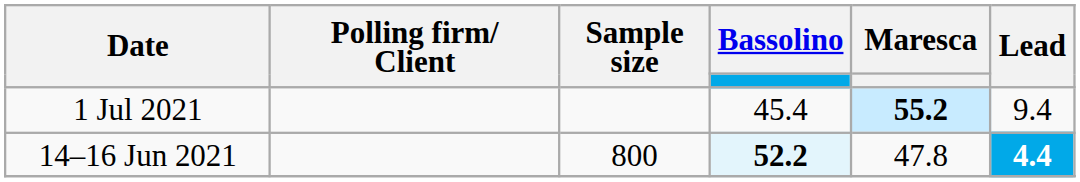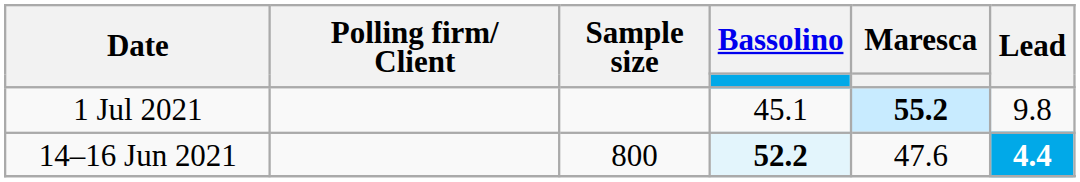 <table class=wikitable style="text-align:center;font-size:85%;line-height:13px">
 <tr style="height:30px; background-color:#E9E9E9">
 <th style="width:110px;" rowspan="2">Date</th>
 <th style="width:120px;" rowspan="2">Polling firm/<br>Client</th>
 <th style="width:60px;" rowspan="2">Sample size</th>
 <th style="width:55px;"><a href='#'>Bassolino</a></th>
 <th style="width:55px;">Maresca</th>
 <th style="width:30px;" rowspan="2">Lead</th>
 </tr>
 <tr>
 <th style="background:#01A9E8;”"></th>
 <th style="background:"></th>
 </tr>
 <tr>
 <td>1 Jul 2021</td>
 <td></td>
 <td></td>
-<td>45.4</td>
+<td>45.1</td>
 <td style="background:#C8EBFF"><strong>55.2</strong></td>
-<td style="background:">9.4</td>
+<td style="background:">9.8</td>
 </tr>
 <tr>
 <td>14–16 Jun 2021</td>
 <td></td>
 <td>800</td>
 <td style="background:#E3F5FC"><strong>52.2</strong></td>
-<td>47.8</td>
+<td>47.6</td>
 <td style="background:#01A9E8; color:white;"><strong>4.4</strong></td>
 </tr>
 <tr>
 </tr>
 </table>
